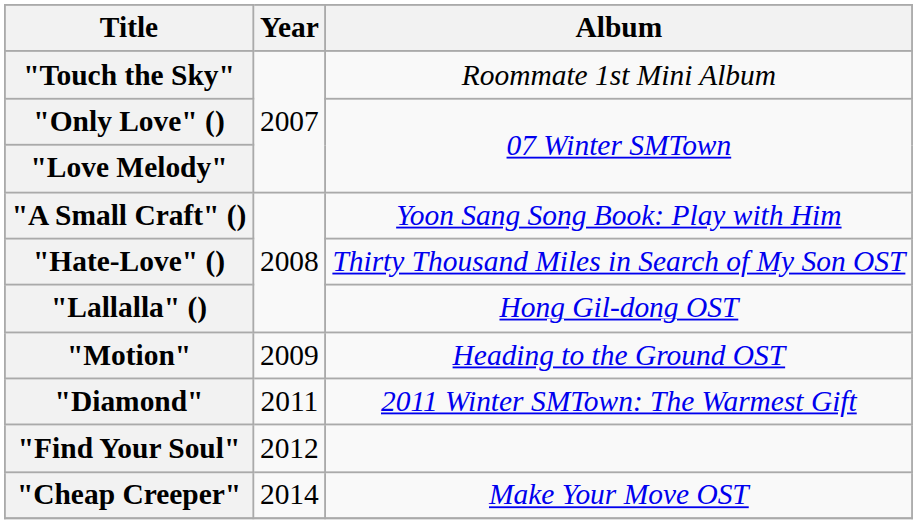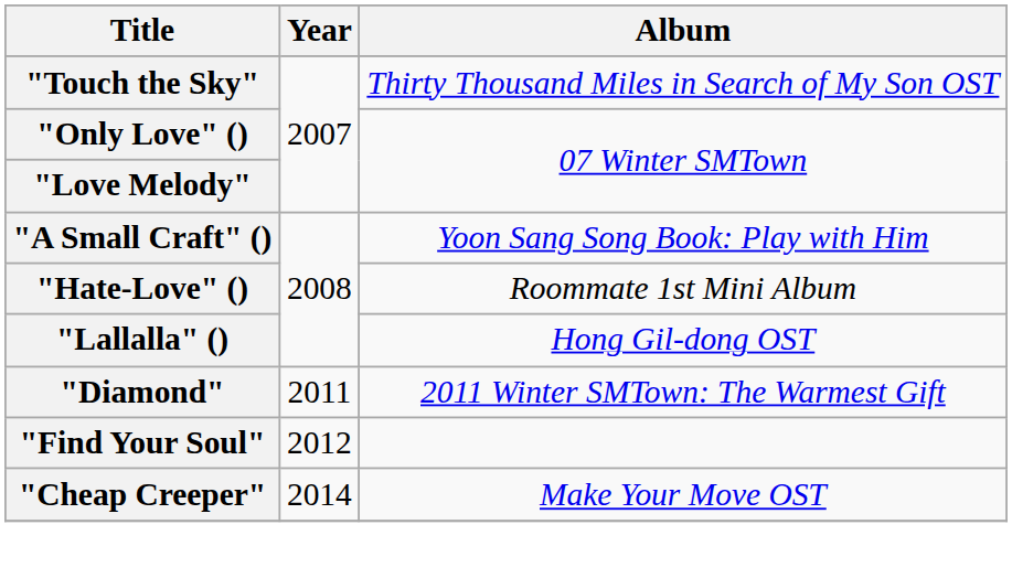 <table class="wikitable plainrowheaders" style="text-align:center">
 <tr>
 <th scope="col">Title</th>
 <th scope="col">Year</th>
 <th scope="col">Album</th>
 </tr>
 <tr>
 <th scope="row">"Touch the Sky"</th>
 <td rowspan="3">2007</td>
-<td><em>Roommate 1st Mini Album</em></td>
+<td><a href='#'><em>Thirty Thousand Miles in Search of My Son OST</em></a></td>
 </tr>
 <tr>
 <th scope="row">"Only Love" ()<br></th>
 <td rowspan="2"><em><a href='#'>07 Winter SMTown</a></em></td>
 </tr>
 <tr>
 <th scope="row">"Love Melody"</th>
 </tr>
 <tr>
 <th scope="row">"A Small Craft" ()</th>
 <td rowspan="3">2008</td>
 <td><em><a href='#'>Yoon Sang Song Book: Play with Him</a></em></td>
 </tr>
 <tr>
 <th scope="row">"Hate-Love" ()<br></th>
-<td><a href='#'><em>Thirty Thousand Miles in Search of My Son OST</em></a></td>
+<td><em>Roommate 1st Mini Album</em></td>
 </tr>
 <tr>
 <th scope="row">"Lallalla" ()<br></th>
 <td><em><a href='#'>Hong Gil-dong OST</a></em></td>
-</tr>
-<tr>
-<th scope="row">"Motion"</th>
-<td>2009</td>
-<td><em><a href='#'>Heading to the Ground OST</a></em></td>
 </tr>
 <tr>
 <th scope="row">"Diamond"</th>
 <td>2011</td>
 <td><em><a href='#'>2011 Winter SMTown: The Warmest Gift</a></em></td>
 </tr>
 <tr>
 <th scope="row">"Find Your Soul"</th>
 <td>2012</td>
 <td></td>
 </tr>
 <tr>
 <th scope="row">"Cheap Creeper"</th>
 <td>2014</td>
 <td><em><a href='#'>Make Your Move OST</a></em></td>
 </tr>
 <tr>
 </tr>
 </table>
